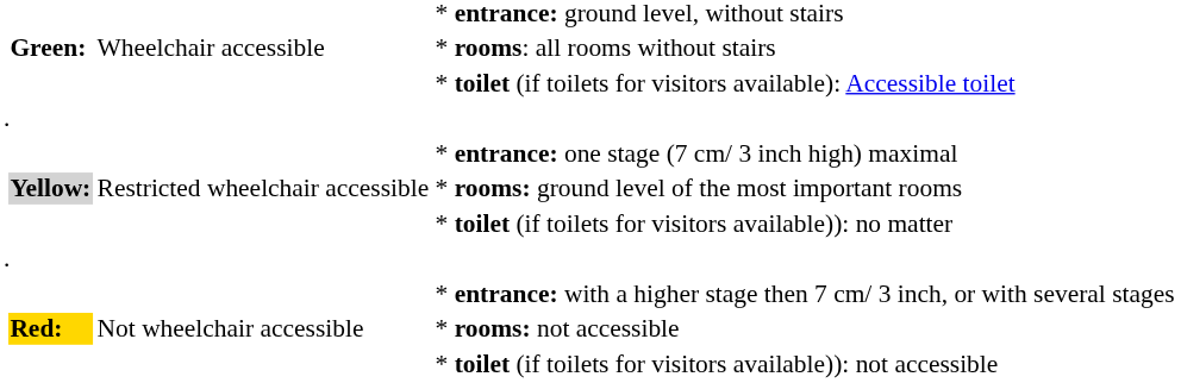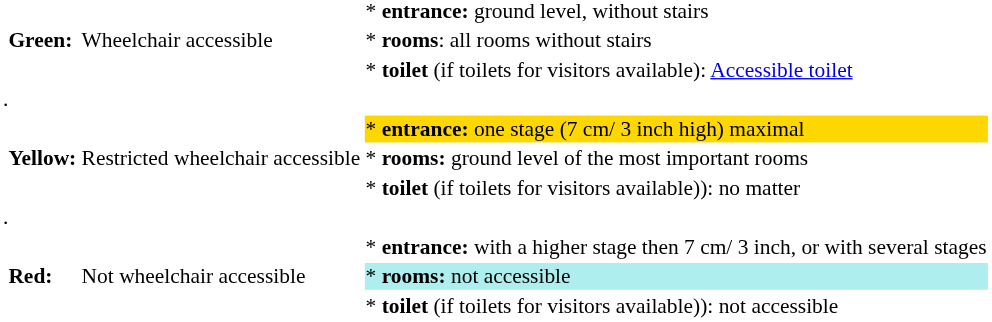 <table>
 <tr>
 <td rowspan=3></td>
 <td></td>
 <td rowspan=3>Wheelchair accessible</td>
 <td>* <strong>entrance:</strong> ground level, without stairs</td>
 </tr>
 <tr>
 <td><strong>Green:</strong></td>
 <td>* <strong>rooms</strong>:  all rooms without stairs</td>
 </tr>
 <tr>
 <td></td>
 <td>* <strong>toilet</strong> (if toilets for visitors available): <a href='#'>Accessible toilet</a></td>
 </tr>
 <tr>
 <td colspan="4">.</td>
 </tr>
 <tr>
 <td rowspan=3></td>
 <td></td>
 <td rowspan=3>Restricted wheelchair accessible</td>
-<td>* <strong>entrance:</strong> one stage (7 cm/ 3 inch high) maximal</td>
+<td style="background: gold;">* <strong>entrance:</strong> one stage (7 cm/ 3 inch high) maximal</td>
 </tr>
 <tr>
-<td style="background: lightgrey;"><strong>Yellow:</strong></td>
+<td><strong>Yellow:</strong></td>
 <td>* <strong>rooms:</strong> ground level of the most important rooms</td>
 </tr>
 <tr>
 <td></td>
 <td>* <strong>toilet</strong> (if toilets for visitors available)): no matter</td>
 </tr>
 <tr>
 <td colspan="4">.</td>
 </tr>
 <tr>
 <td rowspan=3></td>
 <td></td>
 <td rowspan=3>Not wheelchair accessible</td>
 <td>* <strong>entrance:</strong> with a higher stage then 7 cm/ 3 inch, or with several stages</td>
 </tr>
 <tr>
-<td style="background: gold;"><strong>Red:</strong></td>
-<td>* <strong>rooms:</strong> not accessible</td>
+<td><strong>Red:</strong></td>
+<td style="background: paleturquoise;">* <strong>rooms:</strong> not accessible</td>
 </tr>
 <tr>
 <td></td>
 <td>* <strong>toilet</strong> (if toilets for visitors available)): not accessible</td>
 </tr>
 </table>
